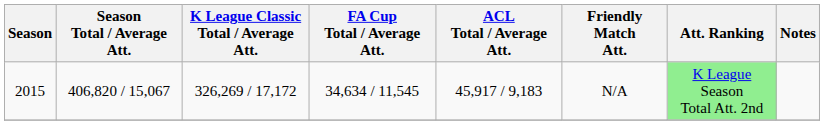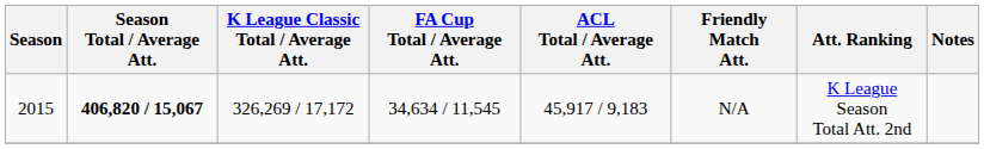 <table class="wikitable" style="text-align:center">
 <tr>
 <th>Season</th>
 <th>Season<br>Total / Average Att.</th>
 <th><a href='#'>K League Classic</a><br>Total / Average Att.</th>
 <th><a href='#'>FA Cup</a><br>Total / Average Att.</th>
 <th><a href='#'>ACL</a><br>Total / Average Att.</th>
 <th>Friendly Match<br> Att.</th>
 <th>Att. Ranking</th>
 <th>Notes</th>
 </tr>
 <tr>
 <td>2015</td>
-<td>406,820 / 15,067</td>
+<td><strong>406,820 / 15,067</strong></td>
 <td>326,269 / 17,172</td>
 <td>34,634 / 11,545</td>
 <td>45,917 / 9,183</td>
 <td>N/A</td>
-<td style="background: lightgreen;"><a href='#'>K League</a> Season<br>Total Att. 2nd</td>
+<td><a href='#'>K League</a> Season<br>Total Att. 2nd</td>
 <td></td>
 </tr>
 <tr>
 </tr>
 </table>
